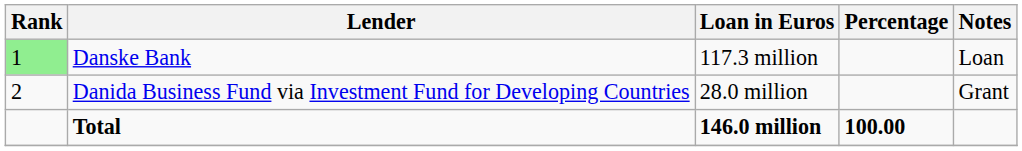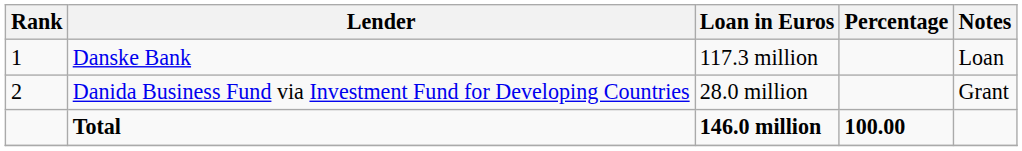 <table class="wikitable sortable" style="margin: 0.5em auto">
 <tr>
 <th>Rank</th>
 <th>Lender</th>
 <th>Loan in Euros</th>
 <th>Percentage</th>
 <th>Notes</th>
 </tr>
 <tr>
-<td style="background: lightgreen;">1</td>
+<td>1</td>
 <td><a href='#'>Danske Bank</a></td>
 <td>117.3 million</td>
 <td></td>
 <td>Loan</td>
 </tr>
 <tr>
 <td>2</td>
 <td><a href='#'>Danida Business Fund</a> via <a href='#'>Investment Fund for Developing Countries</a></td>
 <td>28.0 million</td>
 <td></td>
 <td>Grant</td>
 </tr>
 <tr>
 <td></td>
 <td><strong>Total</strong></td>
 <td><strong>146.0 million</strong></td>
 <td><strong>100.00</strong></td>
 <td></td>
 </tr>
 <tr>
 </tr>
 </table>
